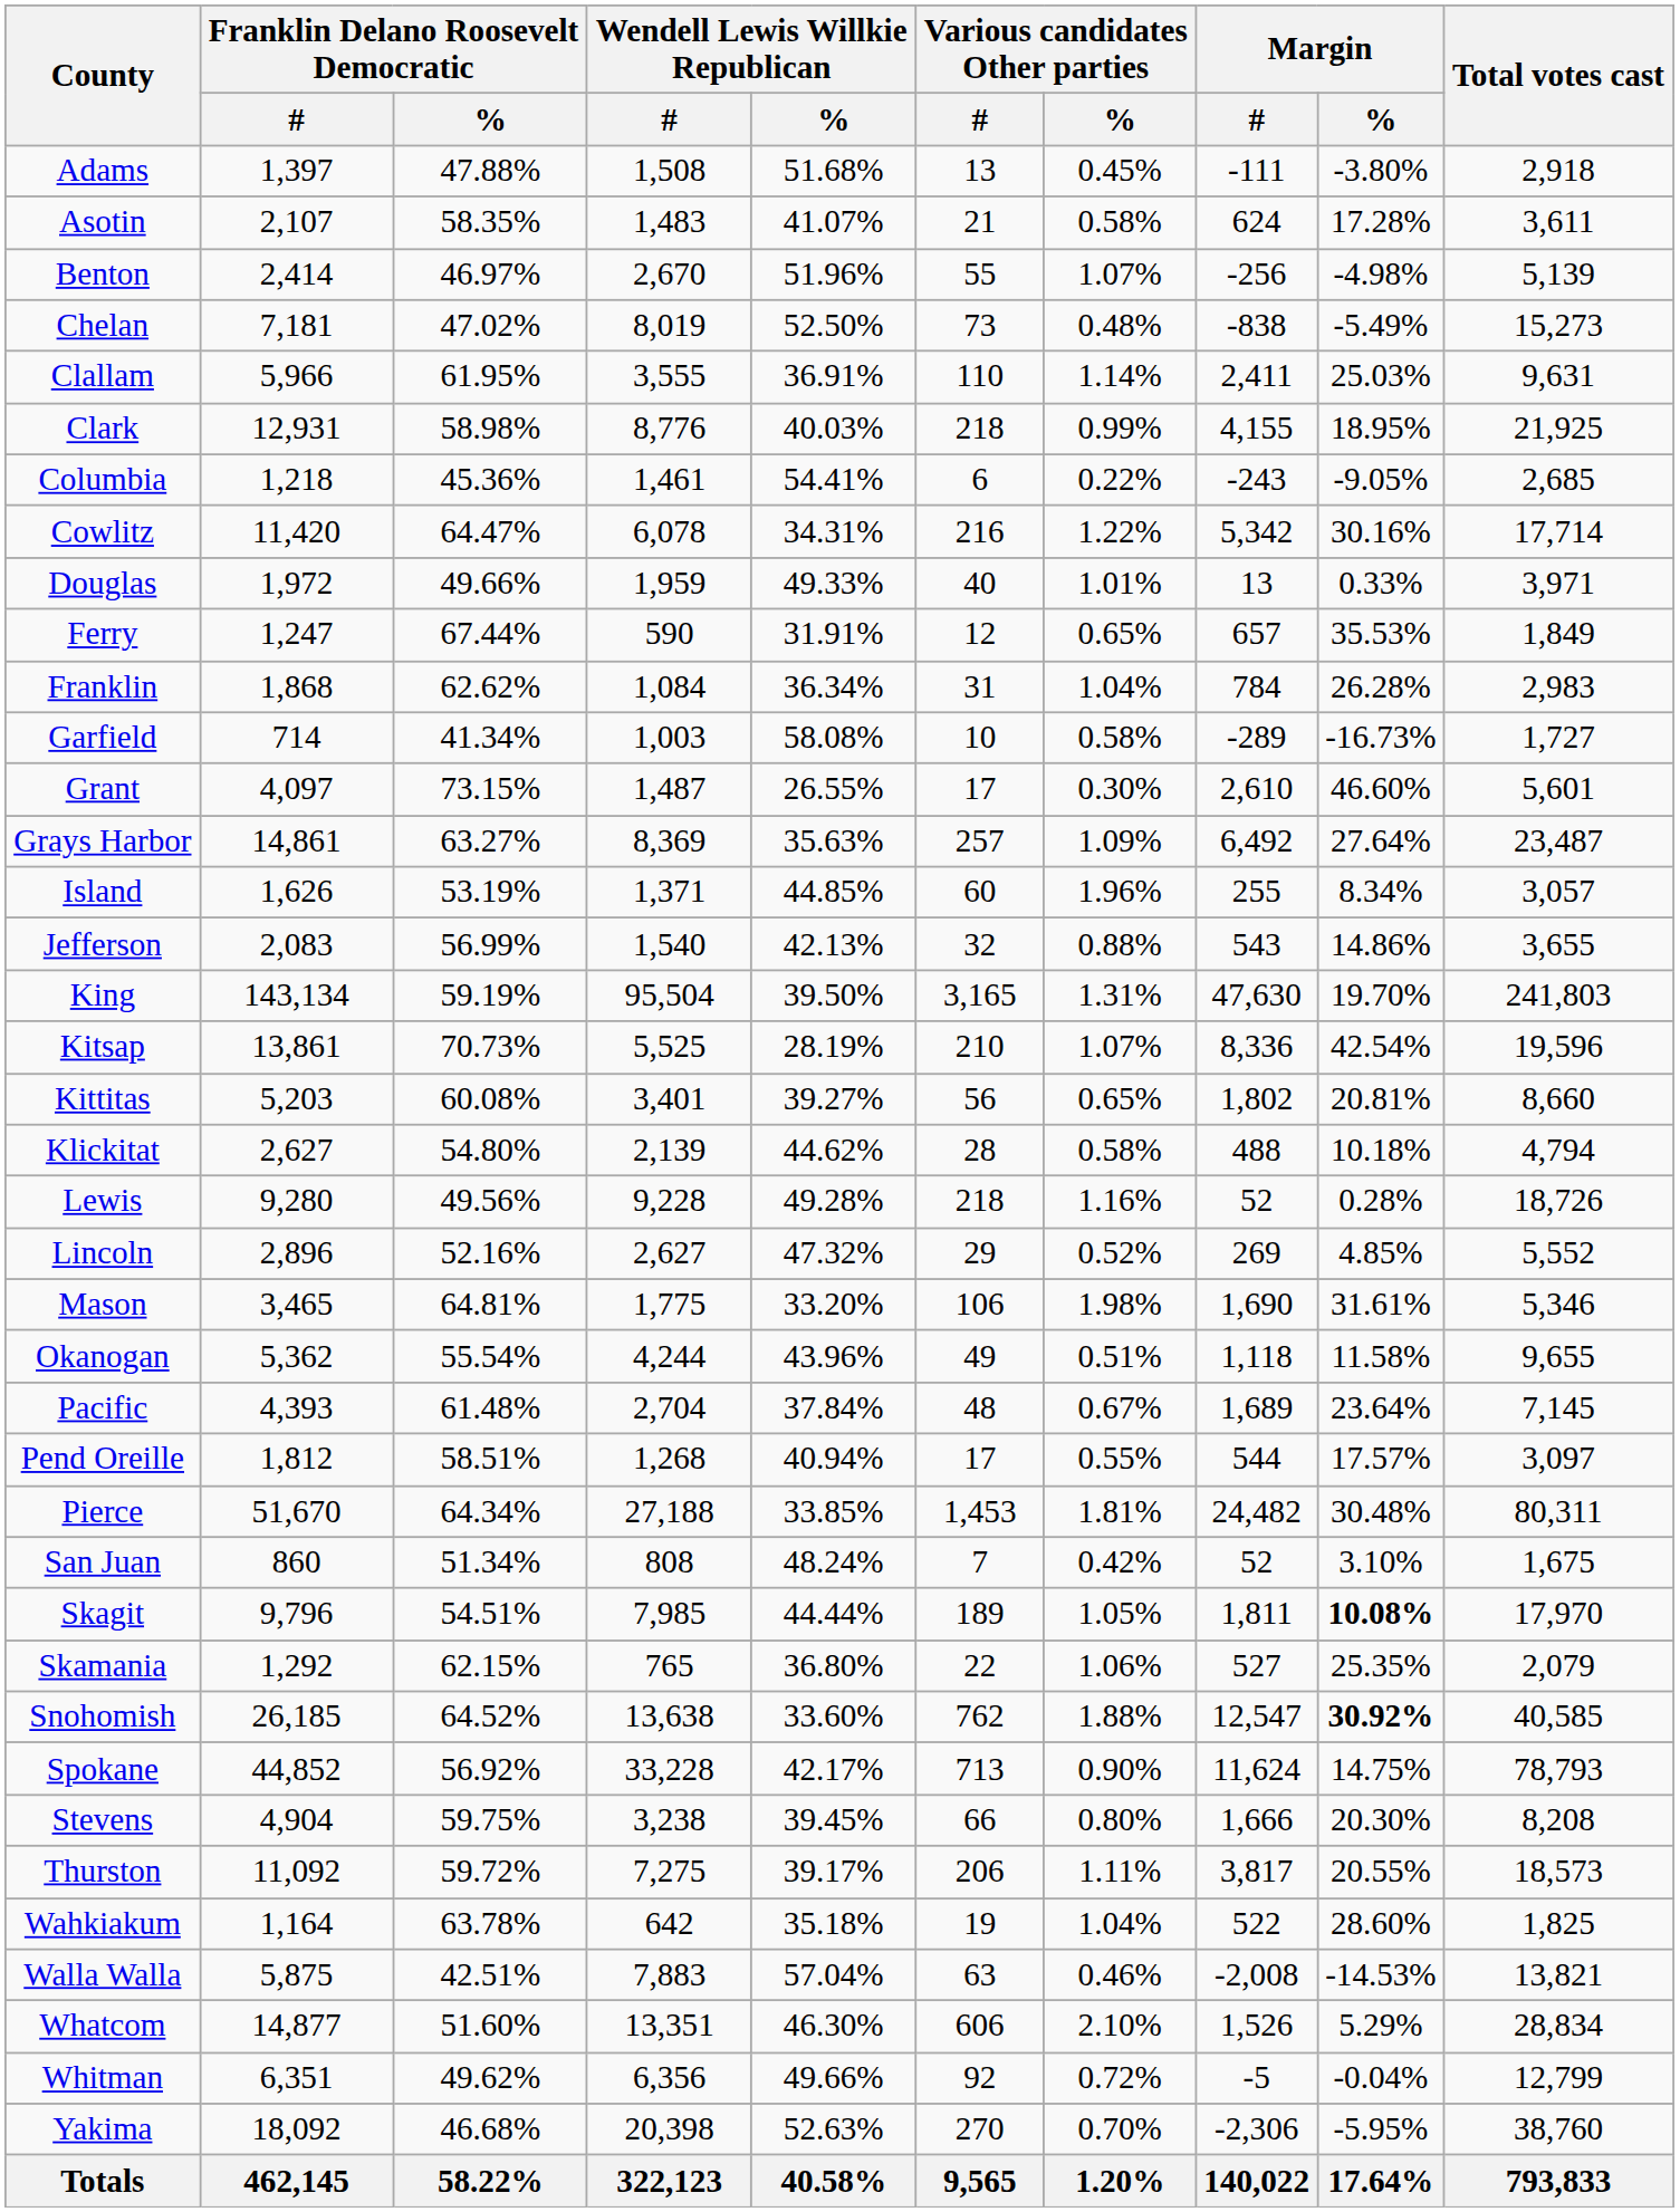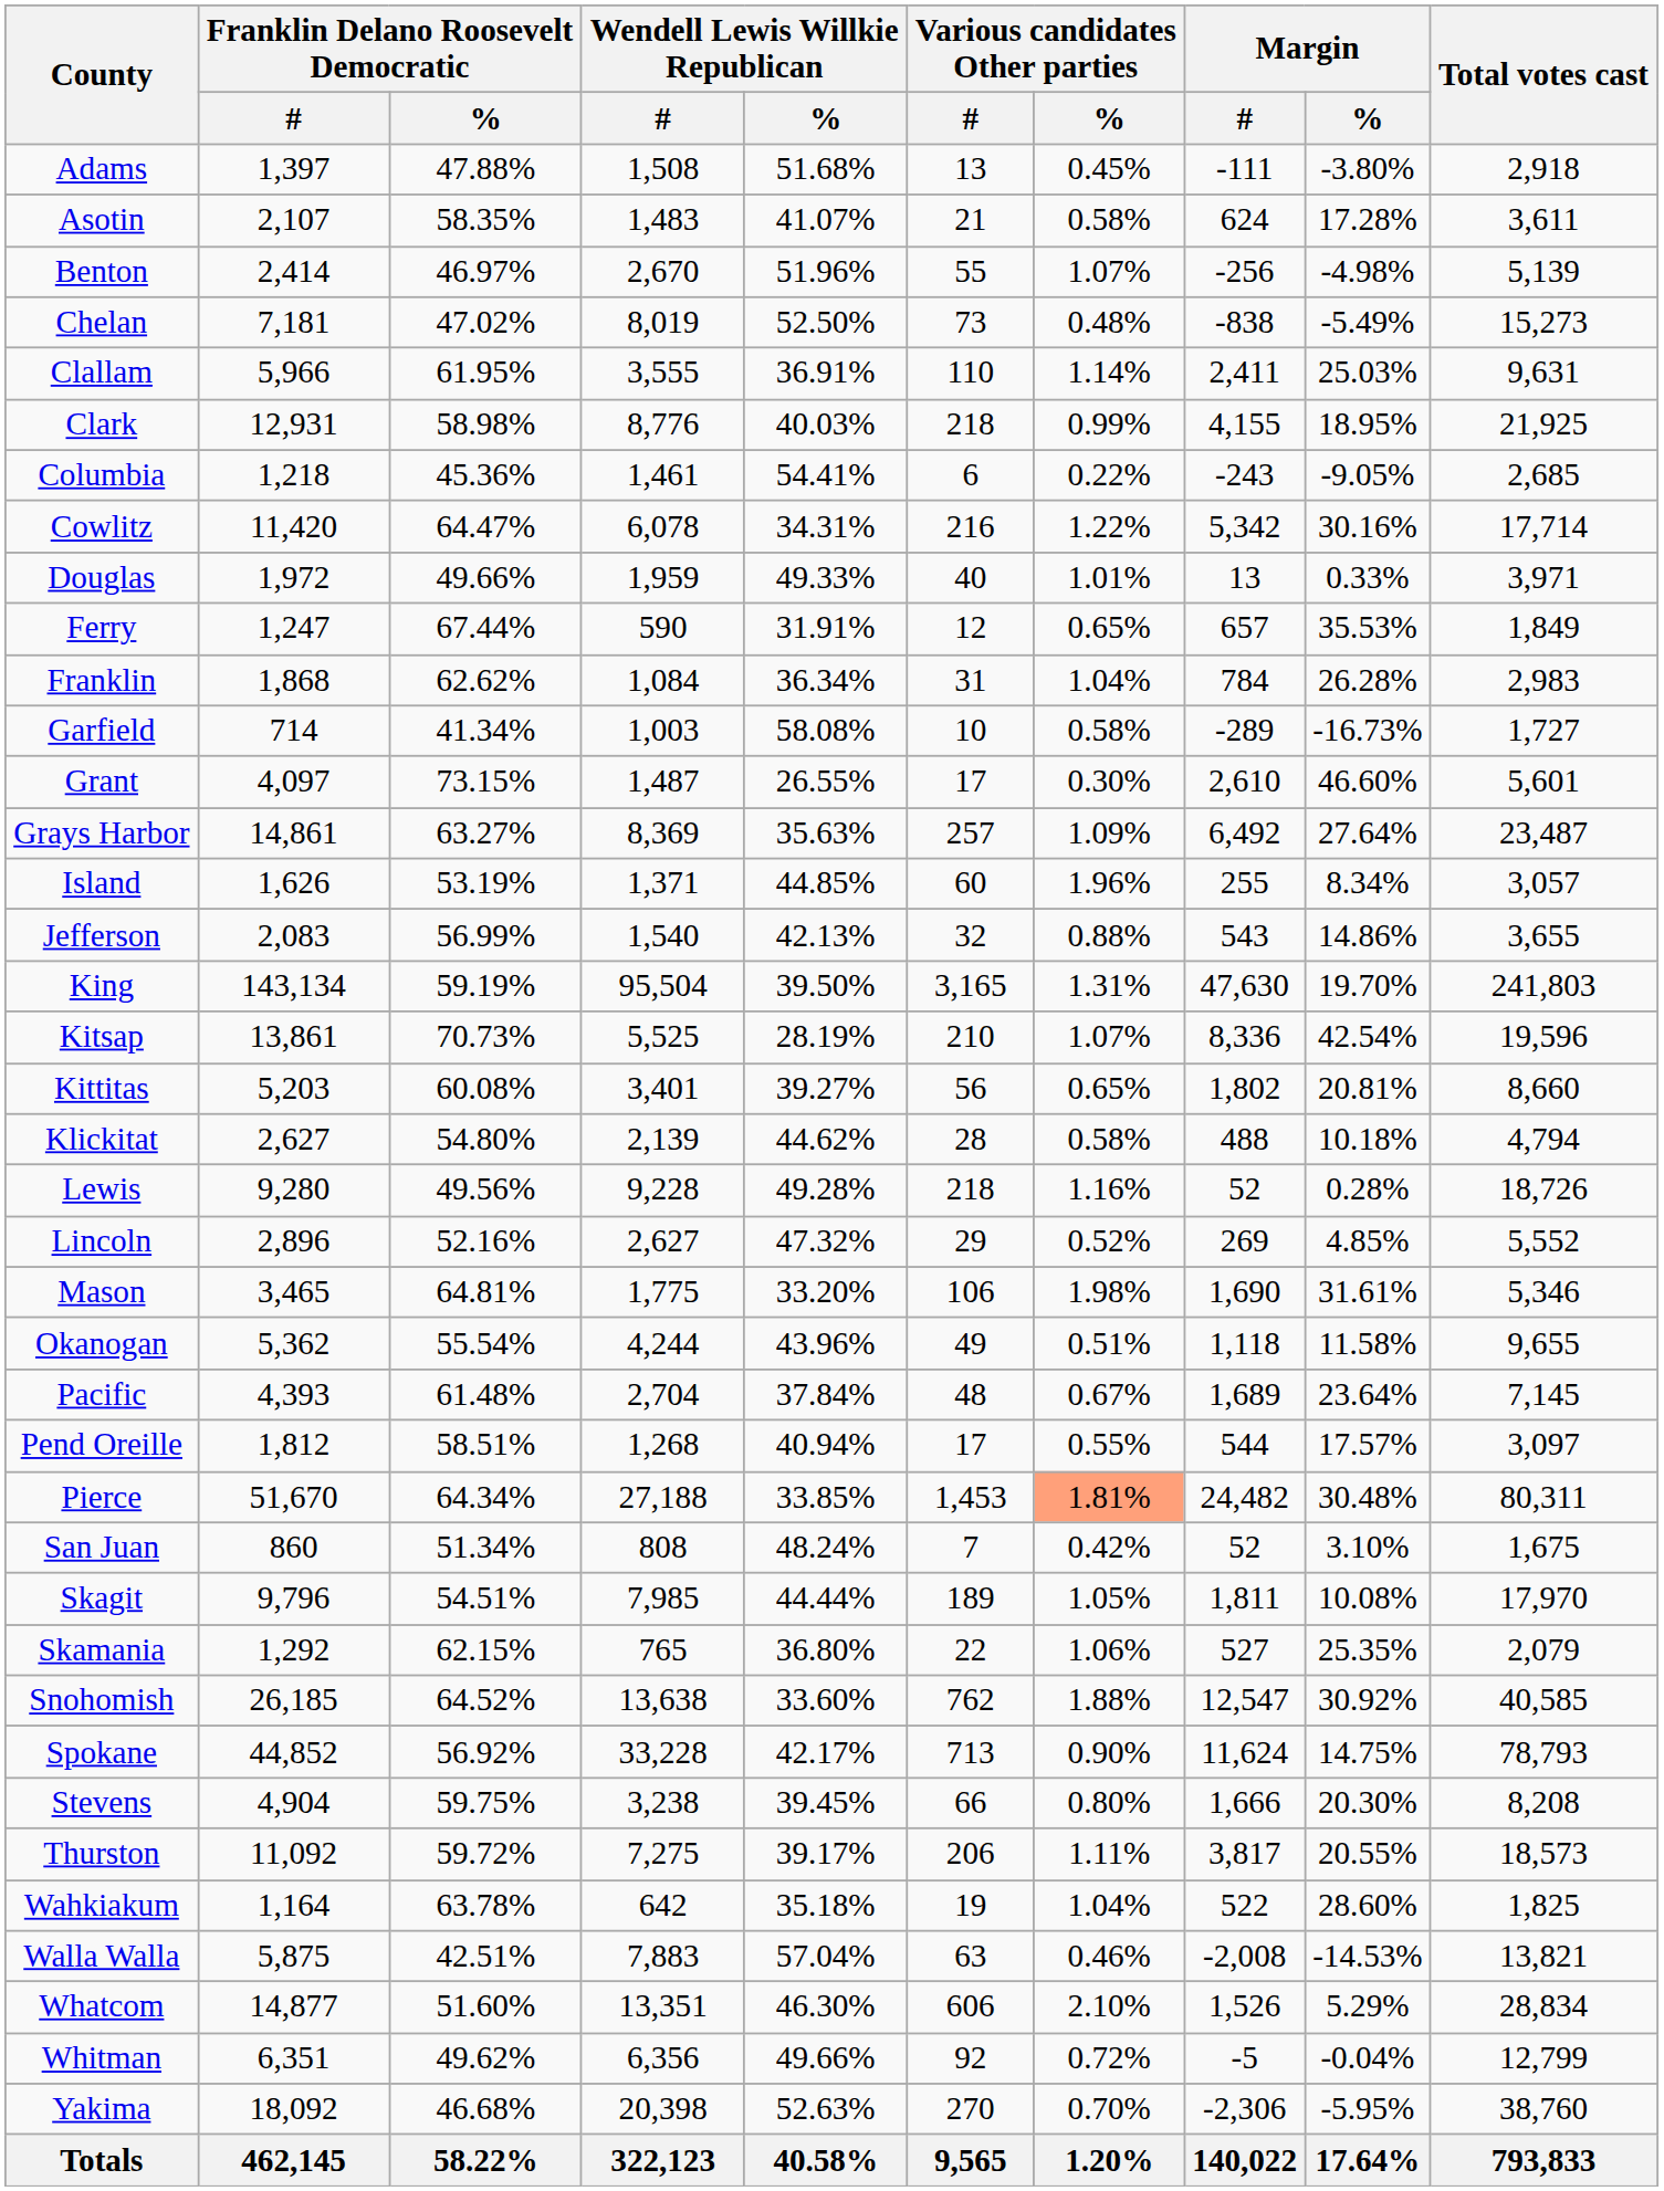 <table width="65%"  class="wikitable sortable" style="text-align:center">
 <tr>
 <th style="text-align:center;" rowspan="2">County</th>
 <th style="text-align:center;" colspan="2">Franklin Delano Roosevelt<br>Democratic</th>
 <th style="text-align:center;" colspan="2">Wendell Lewis Willkie<br>Republican</th>
 <th style="text-align:center;" colspan="2">Various candidates<br>Other parties</th>
 <th style="text-align:center;" colspan="2">Margin</th>
 <th style="text-align:center;" rowspan="2">Total votes cast</th>
 </tr>
 <tr>
 <th style="text-align:center;" data-sort-type="number">#</th>
 <th style="text-align:center;" data-sort-type="number">%</th>
 <th style="text-align:center;" data-sort-type="number">#</th>
 <th style="text-align:center;" data-sort-type="number">%</th>
 <th style="text-align:center;" data-sort-type="number">#</th>
 <th style="text-align:center;" data-sort-type="number">%</th>
 <th style="text-align:center;" data-sort-type="number">#</th>
 <th style="text-align:center;" data-sort-type="number">%</th>
 </tr>
 <tr style="text-align:center;">
 <td><a href='#'>Adams</a></td>
 <td>1,397</td>
 <td>47.88%</td>
 <td>1,508</td>
 <td>51.68%</td>
 <td>13</td>
 <td>0.45%</td>
 <td>-111</td>
 <td>-3.80%</td>
 <td>2,918</td>
 </tr>
 <tr style="text-align:center;">
 <td><a href='#'>Asotin</a></td>
 <td>2,107</td>
 <td>58.35%</td>
 <td>1,483</td>
 <td>41.07%</td>
 <td>21</td>
 <td>0.58%</td>
 <td>624</td>
 <td>17.28%</td>
 <td>3,611</td>
 </tr>
 <tr style="text-align:center;">
 <td><a href='#'>Benton</a></td>
 <td>2,414</td>
 <td>46.97%</td>
 <td>2,670</td>
 <td>51.96%</td>
 <td>55</td>
 <td>1.07%</td>
 <td>-256</td>
 <td>-4.98%</td>
 <td>5,139</td>
 </tr>
 <tr style="text-align:center;">
 <td><a href='#'>Chelan</a></td>
 <td>7,181</td>
 <td>47.02%</td>
 <td>8,019</td>
 <td>52.50%</td>
 <td>73</td>
 <td>0.48%</td>
 <td>-838</td>
 <td>-5.49%</td>
 <td>15,273</td>
 </tr>
 <tr style="text-align:center;">
 <td><a href='#'>Clallam</a></td>
 <td>5,966</td>
 <td>61.95%</td>
 <td>3,555</td>
 <td>36.91%</td>
 <td>110</td>
 <td>1.14%</td>
 <td>2,411</td>
 <td>25.03%</td>
 <td>9,631</td>
 </tr>
 <tr style="text-align:center;">
 <td><a href='#'>Clark</a></td>
 <td>12,931</td>
 <td>58.98%</td>
 <td>8,776</td>
 <td>40.03%</td>
 <td>218</td>
 <td>0.99%</td>
 <td>4,155</td>
 <td>18.95%</td>
 <td>21,925</td>
 </tr>
 <tr style="text-align:center;">
 <td><a href='#'>Columbia</a></td>
 <td>1,218</td>
 <td>45.36%</td>
 <td>1,461</td>
 <td>54.41%</td>
 <td>6</td>
 <td>0.22%</td>
 <td>-243</td>
 <td>-9.05%</td>
 <td>2,685</td>
 </tr>
 <tr style="text-align:center;">
 <td><a href='#'>Cowlitz</a></td>
 <td>11,420</td>
 <td>64.47%</td>
 <td>6,078</td>
 <td>34.31%</td>
 <td>216</td>
 <td>1.22%</td>
 <td>5,342</td>
 <td>30.16%</td>
 <td>17,714</td>
 </tr>
 <tr style="text-align:center;">
 <td><a href='#'>Douglas</a></td>
 <td>1,972</td>
 <td>49.66%</td>
 <td>1,959</td>
 <td>49.33%</td>
 <td>40</td>
 <td>1.01%</td>
 <td>13</td>
 <td>0.33%</td>
 <td>3,971</td>
 </tr>
 <tr style="text-align:center;">
 <td><a href='#'>Ferry</a></td>
 <td>1,247</td>
 <td>67.44%</td>
 <td>590</td>
 <td>31.91%</td>
 <td>12</td>
 <td>0.65%</td>
 <td>657</td>
 <td>35.53%</td>
 <td>1,849</td>
 </tr>
 <tr style="text-align:center;">
 <td><a href='#'>Franklin</a></td>
 <td>1,868</td>
 <td>62.62%</td>
 <td>1,084</td>
 <td>36.34%</td>
 <td>31</td>
 <td>1.04%</td>
 <td>784</td>
 <td>26.28%</td>
 <td>2,983</td>
 </tr>
 <tr style="text-align:center;">
 <td><a href='#'>Garfield</a></td>
 <td>714</td>
 <td>41.34%</td>
 <td>1,003</td>
 <td>58.08%</td>
 <td>10</td>
 <td>0.58%</td>
 <td>-289</td>
 <td>-16.73%</td>
 <td>1,727</td>
 </tr>
 <tr style="text-align:center;">
 <td><a href='#'>Grant</a></td>
 <td>4,097</td>
 <td>73.15%</td>
 <td>1,487</td>
 <td>26.55%</td>
 <td>17</td>
 <td>0.30%</td>
 <td>2,610</td>
 <td>46.60%</td>
 <td>5,601</td>
 </tr>
 <tr style="text-align:center;">
 <td><a href='#'>Grays Harbor</a></td>
 <td>14,861</td>
 <td>63.27%</td>
 <td>8,369</td>
 <td>35.63%</td>
 <td>257</td>
 <td>1.09%</td>
 <td>6,492</td>
 <td>27.64%</td>
 <td>23,487</td>
 </tr>
 <tr style="text-align:center;">
 <td><a href='#'>Island</a></td>
 <td>1,626</td>
 <td>53.19%</td>
 <td>1,371</td>
 <td>44.85%</td>
 <td>60</td>
 <td>1.96%</td>
 <td>255</td>
 <td>8.34%</td>
 <td>3,057</td>
 </tr>
 <tr style="text-align:center;">
 <td><a href='#'>Jefferson</a></td>
 <td>2,083</td>
 <td>56.99%</td>
 <td>1,540</td>
 <td>42.13%</td>
 <td>32</td>
 <td>0.88%</td>
 <td>543</td>
 <td>14.86%</td>
 <td>3,655</td>
 </tr>
 <tr style="text-align:center;">
 <td><a href='#'>King</a></td>
 <td>143,134</td>
 <td>59.19%</td>
 <td>95,504</td>
 <td>39.50%</td>
 <td>3,165</td>
 <td>1.31%</td>
 <td>47,630</td>
 <td>19.70%</td>
 <td>241,803</td>
 </tr>
 <tr style="text-align:center;">
 <td><a href='#'>Kitsap</a></td>
 <td>13,861</td>
 <td>70.73%</td>
 <td>5,525</td>
 <td>28.19%</td>
 <td>210</td>
 <td>1.07%</td>
 <td>8,336</td>
 <td>42.54%</td>
 <td>19,596</td>
 </tr>
 <tr style="text-align:center;">
 <td><a href='#'>Kittitas</a></td>
 <td>5,203</td>
 <td>60.08%</td>
 <td>3,401</td>
 <td>39.27%</td>
 <td>56</td>
 <td>0.65%</td>
 <td>1,802</td>
 <td>20.81%</td>
 <td>8,660</td>
 </tr>
 <tr style="text-align:center;">
 <td><a href='#'>Klickitat</a></td>
 <td>2,627</td>
 <td>54.80%</td>
 <td>2,139</td>
 <td>44.62%</td>
 <td>28</td>
 <td>0.58%</td>
 <td>488</td>
 <td>10.18%</td>
 <td>4,794</td>
 </tr>
 <tr style="text-align:center;">
 <td><a href='#'>Lewis</a></td>
 <td>9,280</td>
 <td>49.56%</td>
 <td>9,228</td>
 <td>49.28%</td>
 <td>218</td>
 <td>1.16%</td>
 <td>52</td>
 <td>0.28%</td>
 <td>18,726</td>
 </tr>
 <tr style="text-align:center;">
 <td><a href='#'>Lincoln</a></td>
 <td>2,896</td>
 <td>52.16%</td>
 <td>2,627</td>
 <td>47.32%</td>
 <td>29</td>
 <td>0.52%</td>
 <td>269</td>
 <td>4.85%</td>
 <td>5,552</td>
 </tr>
 <tr style="text-align:center;">
 <td><a href='#'>Mason</a></td>
 <td>3,465</td>
 <td>64.81%</td>
 <td>1,775</td>
 <td>33.20%</td>
 <td>106</td>
 <td>1.98%</td>
 <td>1,690</td>
 <td>31.61%</td>
 <td>5,346</td>
 </tr>
 <tr style="text-align:center;">
 <td><a href='#'>Okanogan</a></td>
 <td>5,362</td>
 <td>55.54%</td>
 <td>4,244</td>
 <td>43.96%</td>
 <td>49</td>
 <td>0.51%</td>
 <td>1,118</td>
 <td>11.58%</td>
 <td>9,655</td>
 </tr>
 <tr style="text-align:center;">
 <td><a href='#'>Pacific</a></td>
 <td>4,393</td>
 <td>61.48%</td>
 <td>2,704</td>
 <td>37.84%</td>
 <td>48</td>
 <td>0.67%</td>
 <td>1,689</td>
 <td>23.64%</td>
 <td>7,145</td>
 </tr>
 <tr style="text-align:center;">
 <td><a href='#'>Pend Oreille</a></td>
 <td>1,812</td>
 <td>58.51%</td>
 <td>1,268</td>
 <td>40.94%</td>
 <td>17</td>
 <td>0.55%</td>
 <td>544</td>
 <td>17.57%</td>
 <td>3,097</td>
 </tr>
 <tr style="text-align:center;">
 <td><a href='#'>Pierce</a></td>
 <td>51,670</td>
 <td>64.34%</td>
 <td>27,188</td>
 <td>33.85%</td>
 <td>1,453</td>
-<td>1.81%</td>
+<td style="background: lightsalmon;">1.81%</td>
 <td>24,482</td>
 <td>30.48%</td>
 <td>80,311</td>
 </tr>
 <tr style="text-align:center;">
 <td><a href='#'>San Juan</a></td>
 <td>860</td>
 <td>51.34%</td>
 <td>808</td>
 <td>48.24%</td>
 <td>7</td>
 <td>0.42%</td>
 <td>52</td>
 <td>3.10%</td>
 <td>1,675</td>
 </tr>
 <tr style="text-align:center;">
 <td><a href='#'>Skagit</a></td>
 <td>9,796</td>
 <td>54.51%</td>
 <td>7,985</td>
 <td>44.44%</td>
 <td>189</td>
 <td>1.05%</td>
 <td>1,811</td>
-<td><strong>10.08%</strong></td>
+<td>10.08%</td>
 <td>17,970</td>
 </tr>
 <tr style="text-align:center;">
 <td><a href='#'>Skamania</a></td>
 <td>1,292</td>
 <td>62.15%</td>
 <td>765</td>
 <td>36.80%</td>
 <td>22</td>
 <td>1.06%</td>
 <td>527</td>
 <td>25.35%</td>
 <td>2,079</td>
 </tr>
 <tr style="text-align:center;">
 <td><a href='#'>Snohomish</a></td>
 <td>26,185</td>
 <td>64.52%</td>
 <td>13,638</td>
 <td>33.60%</td>
 <td>762</td>
 <td>1.88%</td>
 <td>12,547</td>
-<td><strong>30.92%</strong></td>
+<td>30.92%</td>
 <td>40,585</td>
 </tr>
 <tr style="text-align:center;">
 <td><a href='#'>Spokane</a></td>
 <td>44,852</td>
 <td>56.92%</td>
 <td>33,228</td>
 <td>42.17%</td>
 <td>713</td>
 <td>0.90%</td>
 <td>11,624</td>
 <td>14.75%</td>
 <td>78,793</td>
 </tr>
 <tr style="text-align:center;">
 <td><a href='#'>Stevens</a></td>
 <td>4,904</td>
 <td>59.75%</td>
 <td>3,238</td>
 <td>39.45%</td>
 <td>66</td>
 <td>0.80%</td>
 <td>1,666</td>
 <td>20.30%</td>
 <td>8,208</td>
 </tr>
 <tr style="text-align:center;">
 <td><a href='#'>Thurston</a></td>
 <td>11,092</td>
 <td>59.72%</td>
 <td>7,275</td>
 <td>39.17%</td>
 <td>206</td>
 <td>1.11%</td>
 <td>3,817</td>
 <td>20.55%</td>
 <td>18,573</td>
 </tr>
 <tr style="text-align:center;">
 <td><a href='#'>Wahkiakum</a></td>
 <td>1,164</td>
 <td>63.78%</td>
 <td>642</td>
 <td>35.18%</td>
 <td>19</td>
 <td>1.04%</td>
 <td>522</td>
 <td>28.60%</td>
 <td>1,825</td>
 </tr>
 <tr style="text-align:center;">
 <td><a href='#'>Walla Walla</a></td>
 <td>5,875</td>
 <td>42.51%</td>
 <td>7,883</td>
 <td>57.04%</td>
 <td>63</td>
 <td>0.46%</td>
 <td>-2,008</td>
 <td>-14.53%</td>
 <td>13,821</td>
 </tr>
 <tr style="text-align:center;">
 <td><a href='#'>Whatcom</a></td>
 <td>14,877</td>
 <td>51.60%</td>
 <td>13,351</td>
 <td>46.30%</td>
 <td>606</td>
 <td>2.10%</td>
 <td>1,526</td>
 <td>5.29%</td>
 <td>28,834</td>
 </tr>
 <tr style="text-align:center;">
 <td><a href='#'>Whitman</a></td>
 <td>6,351</td>
 <td>49.62%</td>
 <td>6,356</td>
 <td>49.66%</td>
 <td>92</td>
 <td>0.72%</td>
 <td>-5</td>
 <td>-0.04%</td>
 <td>12,799</td>
 </tr>
 <tr style="text-align:center;">
 <td><a href='#'>Yakima</a></td>
 <td>18,092</td>
 <td>46.68%</td>
 <td>20,398</td>
 <td>52.63%</td>
 <td>270</td>
 <td>0.70%</td>
 <td>-2,306</td>
 <td>-5.95%</td>
 <td>38,760</td>
 </tr>
 <tr style="text-align:center;">
 <th>Totals</th>
 <th>462,145</th>
 <th>58.22%</th>
 <th>322,123</th>
 <th>40.58%</th>
 <th>9,565</th>
 <th>1.20%</th>
 <th>140,022</th>
 <th>17.64%</th>
 <th>793,833</th>
 </tr>
 </table>
